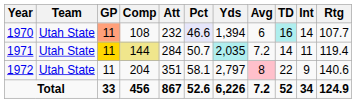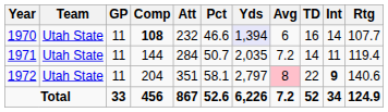 <table class=wikitable style="text-align:center">
 <tr>
 <th>Year</th>
 <th>Team</th>
 <th>GP</th>
 <th>Comp</th>
 <th>Att</th>
 <th>Pct</th>
 <th>Yds</th>
 <th>Avg</th>
 <th>TD</th>
 <th>Int</th>
 <th>Rtg</th>
 </tr>
 <tr>
 <td><a href='#'>1970</a></td>
 <td><a href='#'>Utah State</a></td>
-<td style="background: lightsalmon;">11</td>
-<td>108</td>
+<td>11</td>
+<td><strong>108</strong></td>
 <td>232</td>
-<td style="background: lavender;">46.6</td>
-<td>1,394</td>
+<td>46.6</td>
+<td style="background: lavender;">1,394</td>
 <td>6</td>
-<td style="background: paleturquoise;">16</td>
+<td>16</td>
 <td>14</td>
 <td>107.7</td>
 </tr>
 <tr>
 <td><a href='#'>1971</a></td>
 <td><a href='#'>Utah State</a></td>
-<td style="background: gold;">11</td>
-<td style="background: khaki;">144</td>
+<td>11</td>
+<td>144</td>
 <td>284</td>
 <td>50.7</td>
-<td style="background: paleturquoise;">2,035</td>
+<td>2,035</td>
 <td>7.2</td>
 <td>14</td>
 <td>11</td>
 <td>119.4</td>
 </tr>
 <tr>
 <td><a href='#'>1972</a></td>
 <td><a href='#'>Utah State</a></td>
 <td>11</td>
 <td>204</td>
 <td>351</td>
 <td>58.1</td>
 <td>2,797</td>
 <td style="background: pink;">8</td>
 <td>22</td>
-<td>9</td>
+<td><strong>9</strong></td>
 <td>140.6</td>
 </tr>
 <tr>
 <td colspan="2"><strong>Total</strong></td>
 <td><strong>33</strong></td>
 <td><strong>456</strong></td>
 <td><strong>867</strong></td>
 <td><strong>52.6</strong></td>
 <td><strong>6,226</strong></td>
 <td><strong>7.2</strong></td>
 <td><strong>52</strong></td>
 <td><strong>34</strong></td>
 <td><strong>124.9</strong></td>
 </tr>
 </table>
